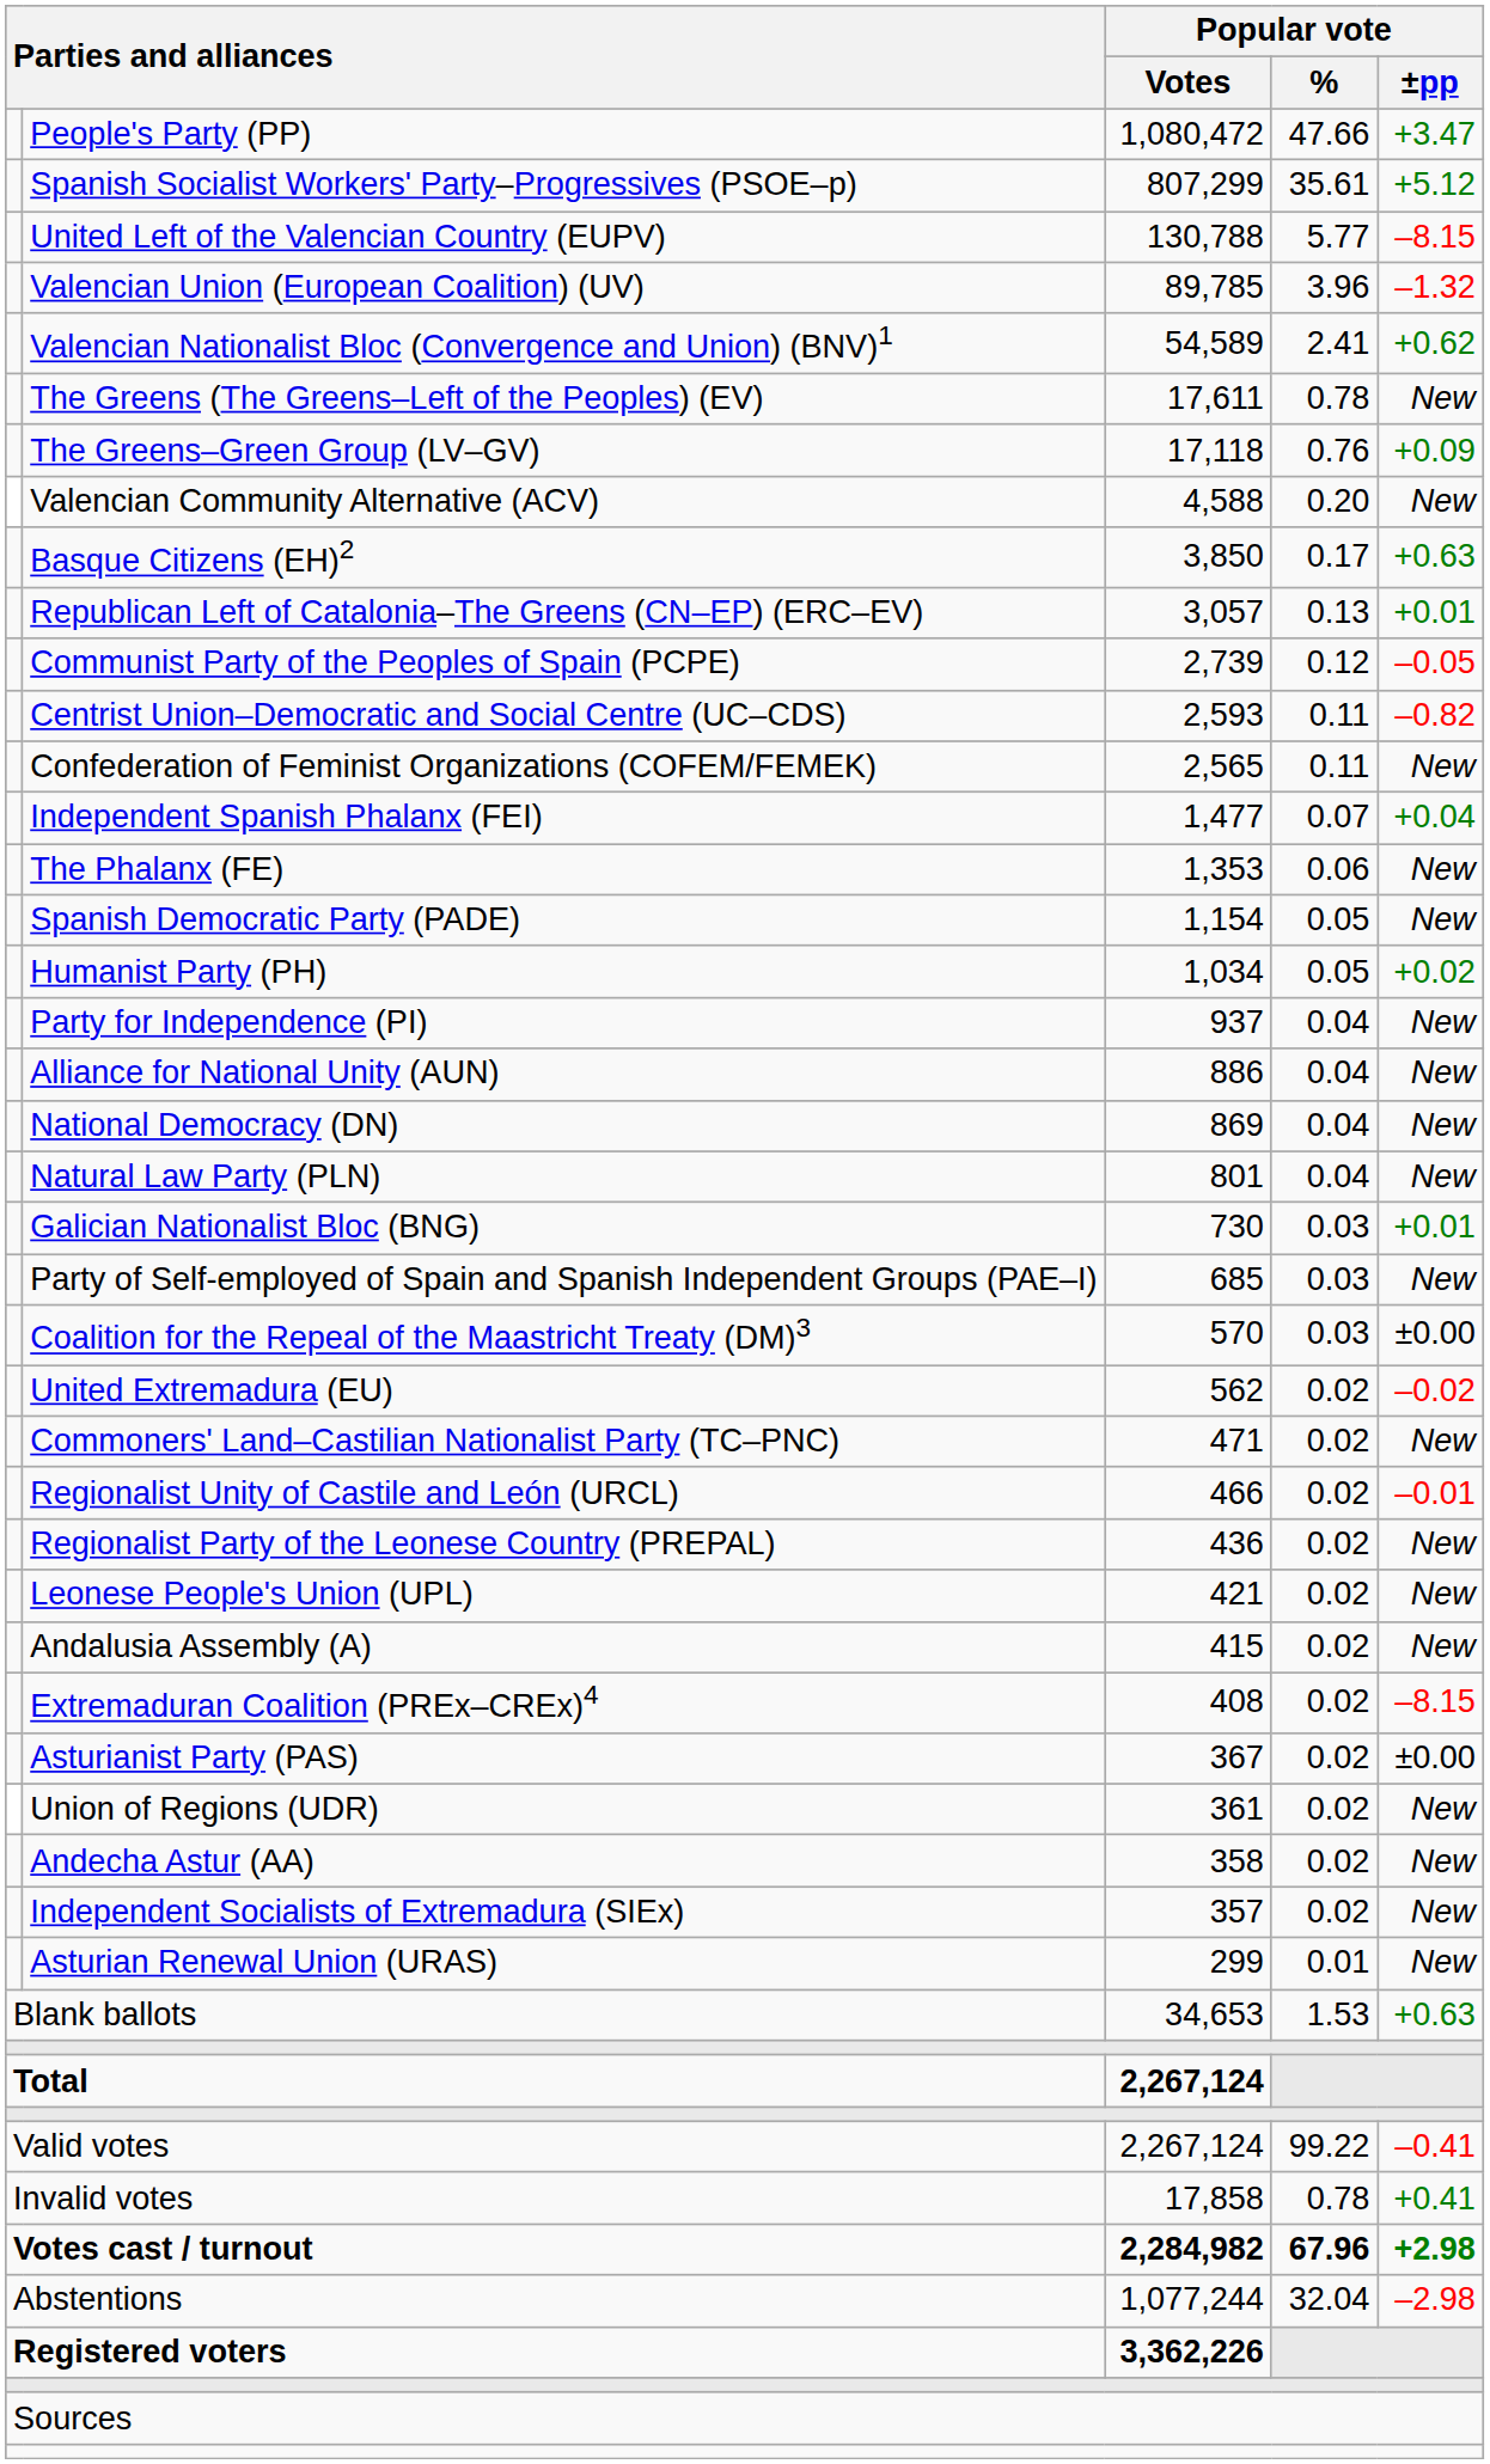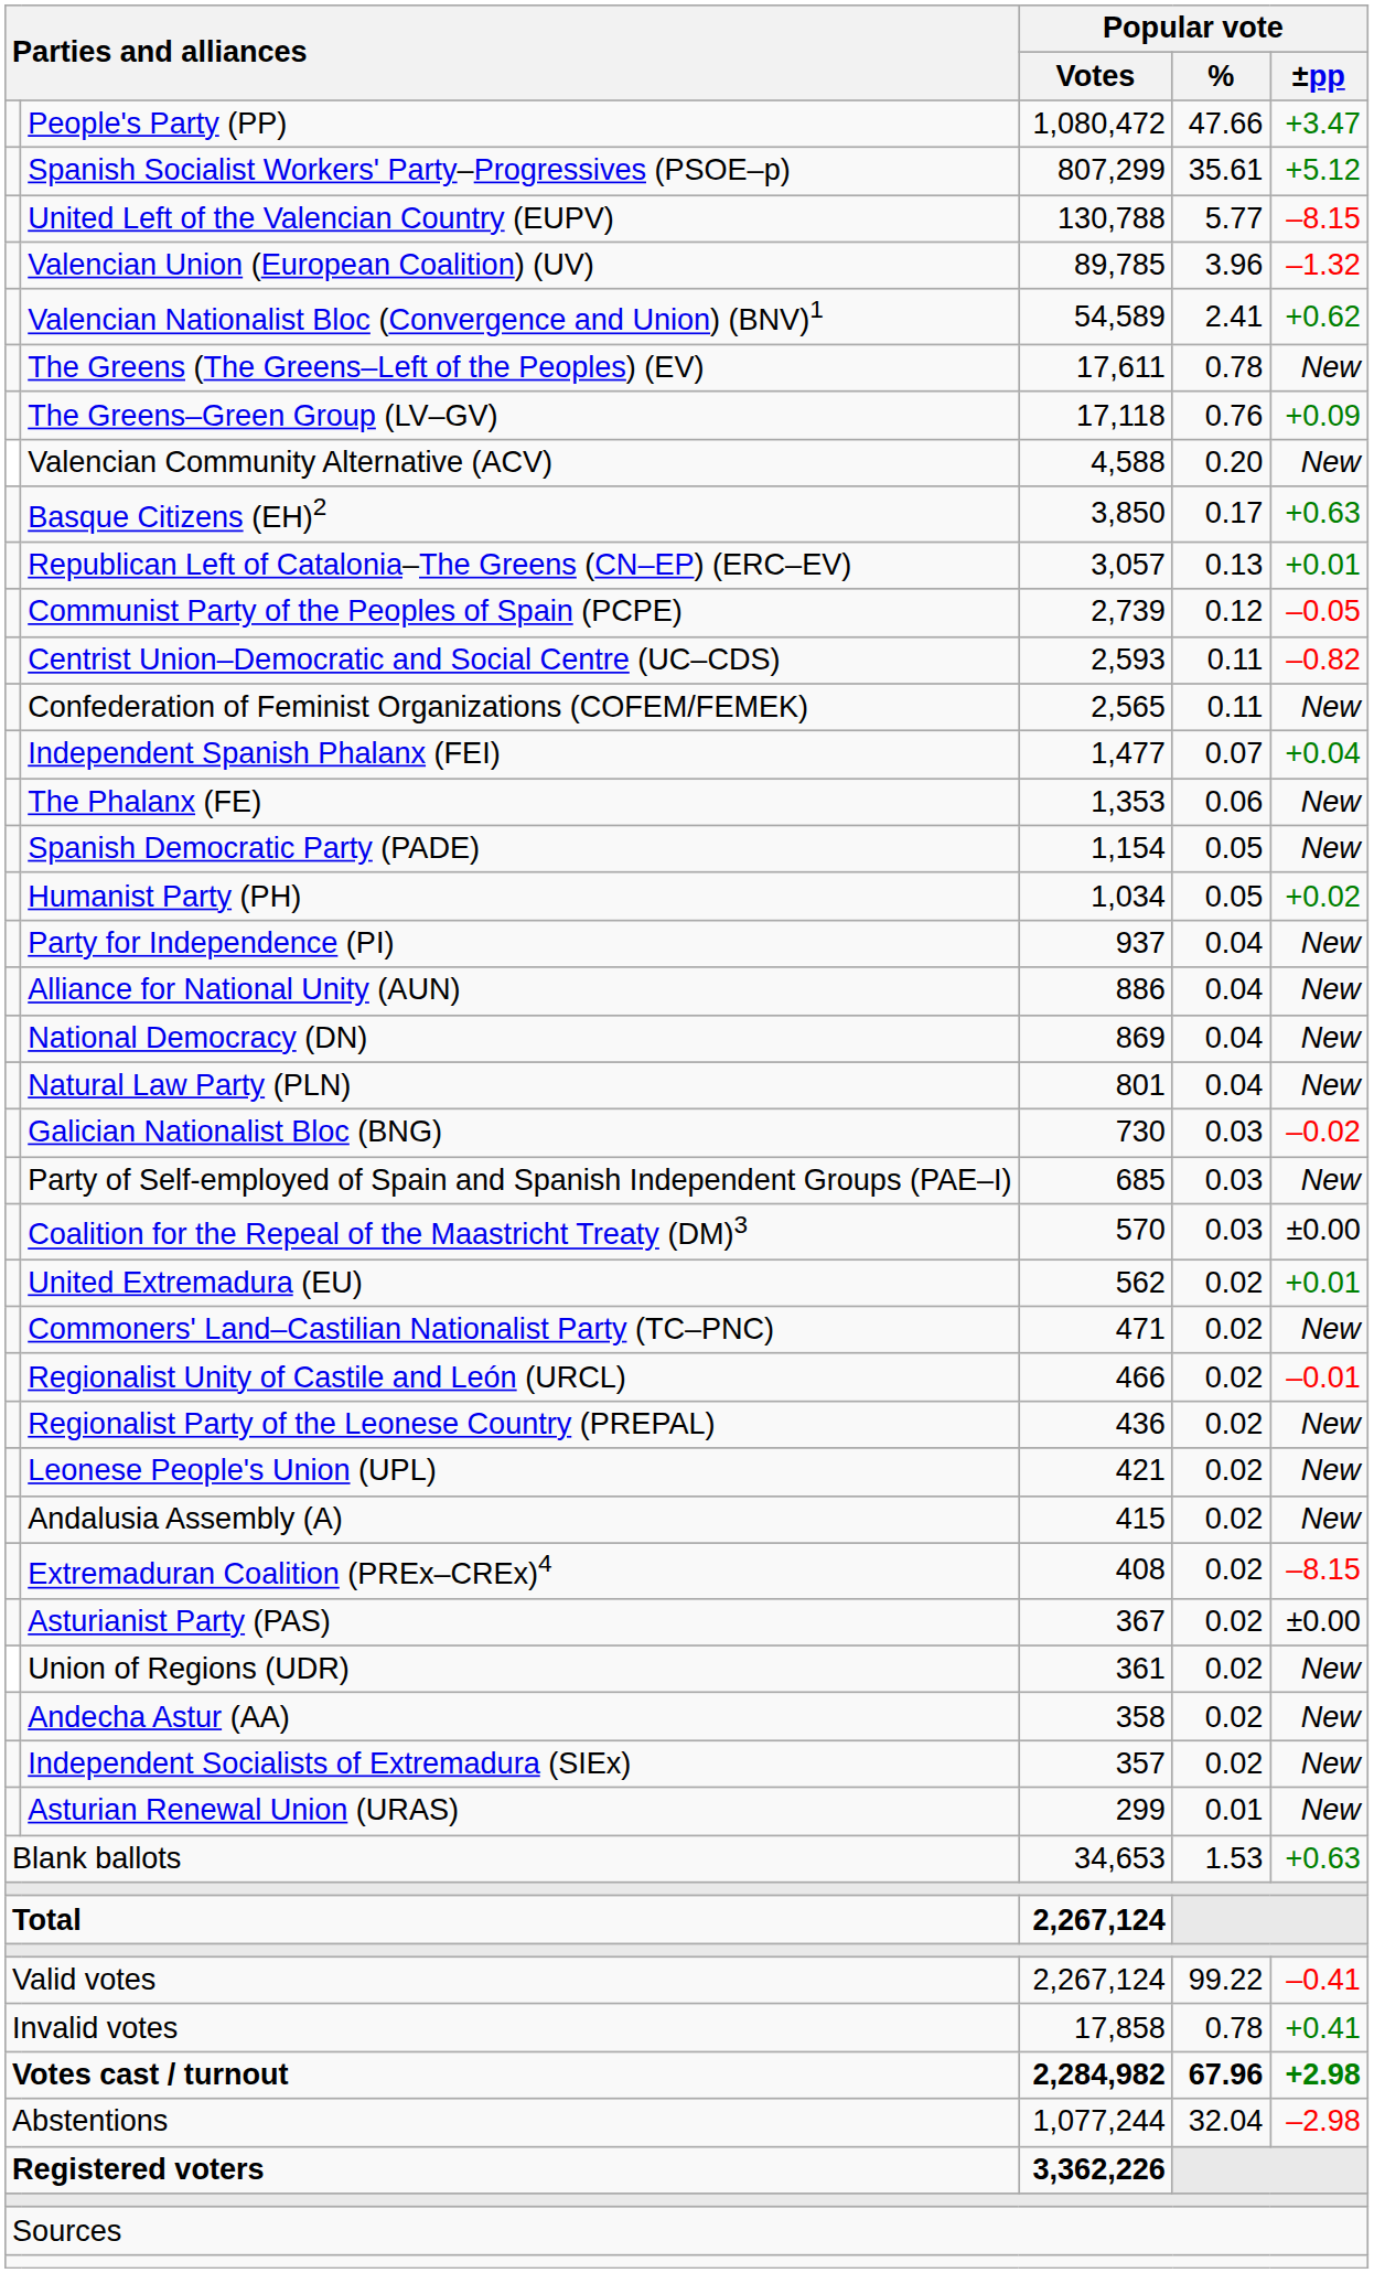 <table class="wikitable" style="text-align:right">
 <tr>
 <th style="text-align:left;" rowspan="2" colspan="2" width="525">Parties and alliances</th>
 <th colspan="3">Popular vote</th>
 </tr>
 <tr>
 <th width="75">Votes</th>
 <th width="45">%</th>
 <th width="45">±<a href='#'>pp</a></th>
 </tr>
 <tr>
 <td width="1" style="color:inherit;background:"></td>
 <td align="left"><a href='#'>People's Party</a> (PP)</td>
 <td>1,080,472</td>
 <td>47.66</td>
 <td style="color:green;">+3.47</td>
 </tr>
 <tr>
 <td style="color:inherit;background:"></td>
 <td align="left"><a href='#'>Spanish Socialist Workers' Party</a>–<a href='#'>Progressives</a> (PSOE–p)</td>
 <td>807,299</td>
 <td>35.61</td>
 <td style="color:green;">+5.12</td>
 </tr>
 <tr>
 <td style="color:inherit;background:"></td>
 <td align="left"><a href='#'>United Left of the Valencian Country</a> (EUPV)</td>
 <td>130,788</td>
 <td>5.77</td>
 <td style="color:red;">–8.15</td>
 </tr>
 <tr>
 <td style="color:inherit;background:"></td>
 <td align="left"><a href='#'>Valencian Union</a> (<a href='#'>European Coalition</a>) (UV)</td>
 <td>89,785</td>
 <td>3.96</td>
 <td style="color:red;">–1.32</td>
 </tr>
 <tr>
 <td style="color:inherit;background:"></td>
 <td align="left"><a href='#'>Valencian Nationalist Bloc</a> (<a href='#'>Convergence and Union</a>) (BNV)<sup>1</sup></td>
 <td>54,589</td>
 <td>2.41</td>
 <td style="color:green;">+0.62</td>
 </tr>
 <tr>
 <td style="color:inherit;background:"></td>
 <td align="left"><a href='#'>The Greens</a> (<a href='#'>The Greens–Left of the Peoples</a>) (EV)</td>
 <td>17,611</td>
 <td>0.78</td>
 <td><em>New</em></td>
 </tr>
 <tr>
 <td style="color:inherit;background:"></td>
 <td align="left"><a href='#'>The Greens–Green Group</a> (LV–GV)</td>
 <td>17,118</td>
 <td>0.76</td>
 <td style="color:green;">+0.09</td>
 </tr>
 <tr>
 <td bgcolor="white"></td>
 <td align="left">Valencian Community Alternative (ACV)</td>
 <td>4,588</td>
 <td>0.20</td>
 <td><em>New</em></td>
 </tr>
 <tr>
 <td style="color:inherit;background:"></td>
 <td align="left"><a href='#'>Basque Citizens</a> (EH)<sup>2</sup></td>
 <td>3,850</td>
 <td>0.17</td>
 <td style="color:green;">+0.63</td>
 </tr>
 <tr>
 <td style="color:inherit;background:"></td>
 <td align="left"><a href='#'>Republican Left of Catalonia</a>–<a href='#'>The Greens</a> (<a href='#'>CN–EP</a>) (ERC–EV)</td>
 <td>3,057</td>
 <td>0.13</td>
 <td style="color:green;">+0.01</td>
 </tr>
 <tr>
 <td style="color:inherit;background:"></td>
 <td align="left"><a href='#'>Communist Party of the Peoples of Spain</a> (PCPE)</td>
 <td>2,739</td>
 <td>0.12</td>
 <td style="color:red;">–0.05</td>
 </tr>
 <tr>
 <td style="color:inherit;background:"></td>
 <td align="left"><a href='#'>Centrist Union–Democratic and Social Centre</a> (UC–CDS)</td>
 <td>2,593</td>
 <td>0.11</td>
 <td style="color:red;">–0.82</td>
 </tr>
 <tr>
 <td style="color:inherit;background:"></td>
 <td align="left">Confederation of Feminist Organizations (COFEM/FEMEK)</td>
 <td>2,565</td>
 <td>0.11</td>
 <td><em>New</em></td>
 </tr>
 <tr>
 <td style="color:inherit;background:"></td>
 <td align="left"><a href='#'>Independent Spanish Phalanx</a> (FEI)</td>
 <td>1,477</td>
 <td>0.07</td>
 <td style="color:green;">+0.04</td>
 </tr>
 <tr>
 <td style="color:inherit;background:"></td>
 <td align="left"><a href='#'>The Phalanx</a> (FE)</td>
 <td>1,353</td>
 <td>0.06</td>
 <td><em>New</em></td>
 </tr>
 <tr>
 <td style="color:inherit;background:"></td>
 <td align="left"><a href='#'>Spanish Democratic Party</a> (PADE)</td>
 <td>1,154</td>
 <td>0.05</td>
 <td><em>New</em></td>
 </tr>
 <tr>
 <td style="color:inherit;background:"></td>
 <td align="left"><a href='#'>Humanist Party</a> (PH)</td>
 <td>1,034</td>
 <td>0.05</td>
 <td style="color:green;">+0.02</td>
 </tr>
 <tr>
 <td style="color:inherit;background:"></td>
 <td align="left"><a href='#'>Party for Independence</a> (PI)</td>
 <td>937</td>
 <td>0.04</td>
 <td><em>New</em></td>
 </tr>
 <tr>
 <td style="color:inherit;background:"></td>
 <td align="left"><a href='#'>Alliance for National Unity</a> (AUN)</td>
 <td>886</td>
 <td>0.04</td>
 <td><em>New</em></td>
 </tr>
 <tr>
 <td style="color:inherit;background:"></td>
 <td align="left"><a href='#'>National Democracy</a> (DN)</td>
 <td>869</td>
 <td>0.04</td>
 <td><em>New</em></td>
 </tr>
 <tr>
 <td style="color:inherit;background:"></td>
 <td align="left"><a href='#'>Natural Law Party</a> (PLN)</td>
 <td>801</td>
 <td>0.04</td>
 <td><em>New</em></td>
 </tr>
 <tr>
 <td style="color:inherit;background:"></td>
 <td align="left"><a href='#'>Galician Nationalist Bloc</a> (BNG)</td>
 <td>730</td>
 <td>0.03</td>
-<td style="color:green;">+0.01</td>
+<td style="color:red;">–0.02</td>
 </tr>
 <tr>
 <td style="color:inherit;background:"></td>
 <td align="left">Party of Self-employed of Spain and Spanish Independent Groups (PAE–I)</td>
 <td>685</td>
 <td>0.03</td>
 <td><em>New</em></td>
 </tr>
 <tr>
 <td style="color:inherit;background:"></td>
 <td align="left"><a href='#'>Coalition for the Repeal of the Maastricht Treaty</a> (DM)<sup>3</sup></td>
 <td>570</td>
 <td>0.03</td>
 <td>±0.00</td>
 </tr>
 <tr>
 <td style="color:inherit;background:"></td>
 <td align="left"><a href='#'>United Extremadura</a> (EU)</td>
 <td>562</td>
 <td>0.02</td>
-<td style="color:red;">–0.02</td>
+<td style="color:green;">+0.01</td>
 </tr>
 <tr>
 <td style="color:inherit;background:"></td>
 <td align="left"><a href='#'>Commoners' Land–Castilian Nationalist Party</a> (TC–PNC)</td>
 <td>471</td>
 <td>0.02</td>
 <td><em>New</em></td>
 </tr>
 <tr>
 <td style="color:inherit;background:"></td>
 <td align="left"><a href='#'>Regionalist Unity of Castile and León</a> (URCL)</td>
 <td>466</td>
 <td>0.02</td>
 <td style="color:red;">–0.01</td>
 </tr>
 <tr>
 <td style="color:inherit;background:"></td>
 <td align="left"><a href='#'>Regionalist Party of the Leonese Country</a> (PREPAL)</td>
 <td>436</td>
 <td>0.02</td>
 <td><em>New</em></td>
 </tr>
 <tr>
 <td style="color:inherit;background:"></td>
 <td align="left"><a href='#'>Leonese People's Union</a> (UPL)</td>
 <td>421</td>
 <td>0.02</td>
 <td><em>New</em></td>
 </tr>
 <tr>
 <td style="color:inherit;background:"></td>
 <td align="left">Andalusia Assembly (A)</td>
 <td>415</td>
 <td>0.02</td>
 <td><em>New</em></td>
 </tr>
 <tr>
 <td style="color:inherit;background:"></td>
 <td align="left"><a href='#'>Extremaduran Coalition</a> (PREx–CREx)<sup>4</sup></td>
 <td>408</td>
 <td>0.02</td>
 <td style="color:red;">–8.15</td>
 </tr>
 <tr>
 <td style="color:inherit;background:"></td>
 <td align="left"><a href='#'>Asturianist Party</a> (PAS)</td>
 <td>367</td>
 <td>0.02</td>
 <td>±0.00</td>
 </tr>
 <tr>
 <td bgcolor="white"></td>
 <td align="left">Union of Regions (UDR)</td>
 <td>361</td>
 <td>0.02</td>
 <td><em>New</em></td>
 </tr>
 <tr>
 <td style="color:inherit;background:"></td>
 <td align="left"><a href='#'>Andecha Astur</a> (AA)</td>
 <td>358</td>
 <td>0.02</td>
 <td><em>New</em></td>
 </tr>
 <tr>
 <td style="color:inherit;background:"></td>
 <td align="left"><a href='#'>Independent Socialists of Extremadura</a> (SIEx)</td>
 <td>357</td>
 <td>0.02</td>
 <td><em>New</em></td>
 </tr>
 <tr>
 <td style="color:inherit;background:"></td>
 <td align="left"><a href='#'>Asturian Renewal Union</a> (URAS)</td>
 <td>299</td>
 <td>0.01</td>
 <td><em>New</em></td>
 </tr>
 <tr>
 <td align="left" colspan="2">Blank ballots</td>
 <td>34,653</td>
 <td>1.53</td>
 <td style="color:green;">+0.63</td>
 </tr>
 <tr>
 <td colspan="5" bgcolor="#E9E9E9"></td>
 </tr>
 <tr style="font-weight:bold;">
 <td align="left" colspan="2">Total</td>
 <td>2,267,124</td>
 <td bgcolor="#E9E9E9" colspan="2"></td>
 </tr>
 <tr>
 <td colspan="5" bgcolor="#E9E9E9"></td>
 </tr>
 <tr>
 <td align="left" colspan="2">Valid votes</td>
 <td>2,267,124</td>
 <td>99.22</td>
 <td style="color:red;">–0.41</td>
 </tr>
 <tr>
 <td align="left" colspan="2">Invalid votes</td>
 <td>17,858</td>
 <td>0.78</td>
 <td style="color:green;">+0.41</td>
 </tr>
 <tr style="font-weight:bold;">
 <td align="left" colspan="2">Votes cast / turnout</td>
 <td>2,284,982</td>
 <td>67.96</td>
 <td style="color:green;">+2.98</td>
 </tr>
 <tr>
 <td align="left" colspan="2">Abstentions</td>
 <td>1,077,244</td>
 <td>32.04</td>
 <td style="color:red;">–2.98</td>
 </tr>
 <tr style="font-weight:bold;">
 <td align="left" colspan="2">Registered voters</td>
 <td>3,362,226</td>
 <td bgcolor="#E9E9E9" colspan="2"></td>
 </tr>
 <tr>
 <td colspan="5" bgcolor="#E9E9E9"></td>
 </tr>
 <tr>
 <td align="left" colspan="5">Sources</td>
 </tr>
 <tr>
 <td colspan="5" style="text-align:left; max-width:680px;"></td>
 </tr>
 </table>
